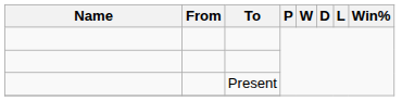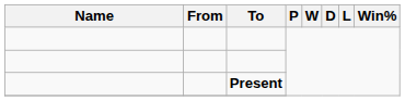 <table class="wikitable sortable" style="text-align: center;">
 <tr>
 <th style="width:12em">Name</th>
 <th>From</th>
 <th>To</th>
 <th>P</th>
 <th>W</th>
 <th>D</th>
 <th>L</th>
 <th>Win%</th>
 </tr>
 <tr>
 <td align=left></td>
 <td></td>
 <td><br></td>
 </tr>
 <tr>
 <td align=left></td>
 <td></td>
 <td><br></td>
 </tr>
 <tr>
 <td align=left></td>
 <td></td>
-<td>Present<br></td>
+<td><strong>Present<br></strong></td>
 </tr>
 <tr>
 </tr>
 </table>
